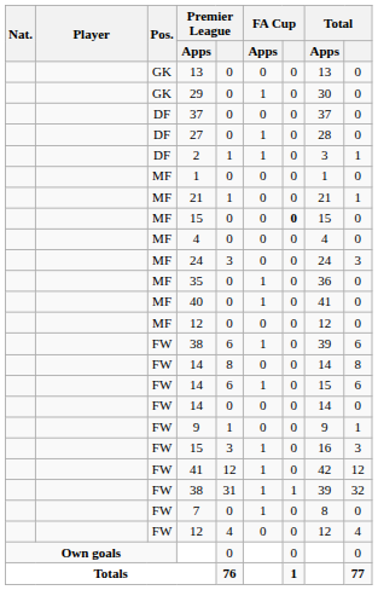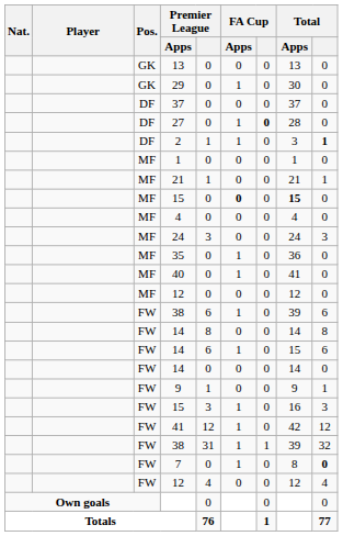 <table class="wikitable sortable alternance"  style="font-size:80%; text-align:center; line-height:14px; width:40%;">
 <tr>
 <th rowspan="2" style="width:10px;">Nat.</th>
 <th rowspan="2" scope="col" style="width:275px;">Player</th>
 <th rowspan="2" style="width:10px;">Pos.</th>
 <th colspan="2">Premier League</th>
 <th colspan="2">FA Cup</th>
 <th colspan="2">Total</th>
 </tr>
 <tr style="text-align:center;">
 <th width=40>Apps</th>
 <th width=40></th>
 <th width=40>Apps</th>
 <th width=40></th>
 <th width=40>Apps</th>
 <th width=40></th>
 </tr>
 <tr>
 <td></td>
 <td></td>
 <td>GK</td>
 <td>13</td>
 <td>0</td>
 <td>0</td>
 <td>0</td>
 <td>13</td>
 <td>0</td>
 </tr>
 <tr>
 <td></td>
 <td></td>
 <td>GK</td>
 <td>29</td>
 <td>0</td>
 <td>1</td>
 <td>0</td>
 <td>30</td>
 <td>0</td>
 </tr>
 <tr>
 <td></td>
 <td></td>
 <td>DF</td>
 <td>37</td>
 <td>0</td>
 <td>0</td>
 <td>0</td>
 <td>37</td>
 <td>0</td>
 </tr>
 <tr>
 <td></td>
 <td></td>
 <td>DF</td>
 <td>27</td>
 <td>0</td>
 <td>1</td>
-<td>0</td>
+<td><strong>0</strong></td>
 <td>28</td>
 <td>0</td>
 </tr>
 <tr>
 <td></td>
 <td></td>
 <td>DF</td>
 <td>2</td>
 <td>1</td>
 <td>1</td>
 <td>0</td>
 <td>3</td>
-<td>1</td>
+<td><strong>1</strong></td>
 </tr>
 <tr>
 <td></td>
 <td></td>
 <td>MF</td>
 <td>1</td>
 <td>0</td>
 <td>0</td>
 <td>0</td>
 <td>1</td>
 <td>0</td>
 </tr>
 <tr>
 <td></td>
 <td></td>
 <td>MF</td>
 <td>21</td>
 <td>1</td>
 <td>0</td>
 <td>0</td>
 <td>21</td>
 <td>1</td>
 </tr>
 <tr>
 <td></td>
 <td></td>
 <td>MF</td>
 <td>15</td>
 <td>0</td>
+<td><strong>0</strong></td>
 <td>0</td>
-<td><strong>0</strong></td>
-<td>15</td>
+<td><strong>15</strong></td>
 <td>0</td>
 </tr>
 <tr>
 <td></td>
 <td></td>
 <td>MF</td>
 <td>4</td>
 <td>0</td>
 <td>0</td>
 <td>0</td>
 <td>4</td>
 <td>0</td>
 </tr>
 <tr>
 <td></td>
 <td></td>
 <td>MF</td>
 <td>24</td>
 <td>3</td>
 <td>0</td>
 <td>0</td>
 <td>24</td>
 <td>3</td>
 </tr>
 <tr>
 <td></td>
 <td></td>
 <td>MF</td>
 <td>35</td>
 <td>0</td>
 <td>1</td>
 <td>0</td>
 <td>36</td>
 <td>0</td>
 </tr>
 <tr>
 <td></td>
 <td></td>
 <td>MF</td>
 <td>40</td>
 <td>0</td>
 <td>1</td>
 <td>0</td>
 <td>41</td>
 <td>0</td>
 </tr>
 <tr>
 <td></td>
 <td></td>
 <td>MF</td>
 <td>12</td>
 <td>0</td>
 <td>0</td>
 <td>0</td>
 <td>12</td>
 <td>0</td>
 </tr>
 <tr>
 <td></td>
 <td></td>
 <td>FW</td>
 <td>38</td>
 <td>6</td>
 <td>1</td>
 <td>0</td>
 <td>39</td>
 <td>6</td>
 </tr>
 <tr>
 <td></td>
 <td></td>
 <td>FW</td>
 <td>14</td>
 <td>8</td>
 <td>0</td>
 <td>0</td>
 <td>14</td>
 <td>8</td>
 </tr>
 <tr>
 <td></td>
 <td></td>
 <td>FW</td>
 <td>14</td>
 <td>6</td>
 <td>1</td>
 <td>0</td>
 <td>15</td>
 <td>6</td>
 </tr>
 <tr>
 <td></td>
 <td></td>
 <td>FW</td>
 <td>14</td>
 <td>0</td>
 <td>0</td>
 <td>0</td>
 <td>14</td>
 <td>0</td>
 </tr>
 <tr>
 <td></td>
 <td></td>
 <td>FW</td>
 <td>9</td>
 <td>1</td>
 <td>0</td>
 <td>0</td>
 <td>9</td>
 <td>1</td>
 </tr>
 <tr>
 <td></td>
 <td></td>
 <td>FW</td>
 <td>15</td>
 <td>3</td>
 <td>1</td>
 <td>0</td>
 <td>16</td>
 <td>3</td>
 </tr>
 <tr>
 <td></td>
 <td></td>
 <td>FW</td>
 <td>41</td>
 <td>12</td>
 <td>1</td>
 <td>0</td>
 <td>42</td>
 <td>12</td>
 </tr>
 <tr>
 <td></td>
 <td></td>
 <td>FW</td>
 <td>38</td>
 <td>31</td>
 <td>1</td>
 <td>1</td>
 <td>39</td>
 <td>32</td>
 </tr>
 <tr>
 <td></td>
 <td></td>
 <td>FW</td>
 <td>7</td>
 <td>0</td>
 <td>1</td>
 <td>0</td>
 <td>8</td>
-<td>0</td>
+<td><strong>0</strong></td>
 </tr>
 <tr>
 <td></td>
 <td></td>
 <td>FW</td>
 <td>12</td>
 <td>4</td>
 <td>0</td>
 <td>0</td>
 <td>12</td>
 <td>4</td>
 </tr>
 <tr class="sortbottom">
 <td colspan="3"><strong>Own goals</strong></td>
 <td ! style="background:white; text-align: center;"></td>
 <td>0</td>
 <td ! style="background:white; text-align: center;"></td>
 <td>0</td>
 <td ! style="background:white; text-align: center;"></td>
 <td>0</td>
 </tr>
 <tr class="sortbottom">
 <td colspan="4"  style="background:white; text-align: center;"><strong>Totals</strong></td>
 <td><strong>76</strong></td>
 <td ! rowspan="2" style="background:white; text-align: center;"></td>
 <td><strong>1</strong></td>
 <td ! rowspan="2" style="background:white; text-align: center;"></td>
 <td><strong>77</strong></td>
 </tr>
 </table>
